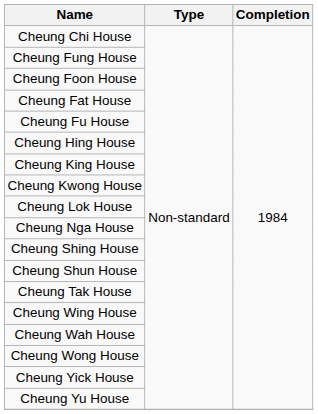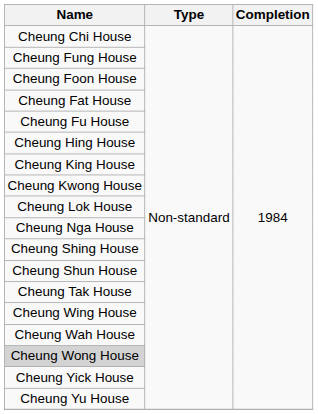 <table class="wikitable" style="text-align: center">
 <tr>
 <th>Name</th>
 <th>Type</th>
 <th>Completion</th>
 </tr>
 <tr>
 <td>Cheung Chi House</td>
 <td rowspan="18">Non-standard</td>
 <td rowspan="18">1984</td>
 </tr>
 <tr>
 <td>Cheung Fung House</td>
 </tr>
 <tr>
 <td>Cheung Foon House</td>
 </tr>
 <tr>
 <td>Cheung Fat House</td>
 </tr>
 <tr>
 <td>Cheung Fu House</td>
 </tr>
 <tr>
 <td>Cheung Hing House</td>
 </tr>
 <tr>
 <td>Cheung King House</td>
 </tr>
 <tr>
 <td>Cheung Kwong House</td>
 </tr>
 <tr>
 <td>Cheung Lok House</td>
 </tr>
 <tr>
 <td>Cheung Nga House</td>
 </tr>
 <tr>
 <td>Cheung Shing House</td>
 </tr>
 <tr>
 <td>Cheung Shun House</td>
 </tr>
 <tr>
 <td>Cheung Tak House</td>
 </tr>
 <tr>
 <td>Cheung Wing House</td>
 </tr>
 <tr>
 <td>Cheung Wah House</td>
 </tr>
 <tr>
-<td>Cheung Wong House</td>
+<td style="background: lightgrey;">Cheung Wong House</td>
 </tr>
 <tr>
 <td>Cheung Yick House</td>
 </tr>
 <tr>
 <td>Cheung Yu House</td>
 </tr>
 <tr>
 </tr>
 </table>
